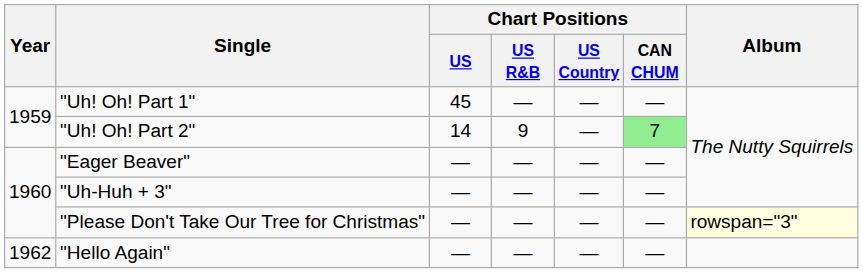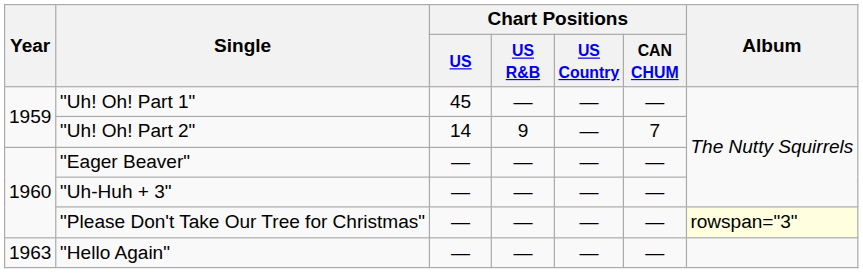 <table class="wikitable">
 <tr>
 <th rowspan="2">Year</th>
 <th rowspan="2">Single</th>
 <th colspan="4">Chart Positions</th>
 <th rowspan="2">Album</th>
 </tr>
 <tr>
 <th style="width:45px;"><small><a href='#'>US</a></small></th>
 <th style="width:45px;"><small><a href='#'>US R&B</a></small></th>
 <th style="width:45px;"><small><a href='#'>US Country</a></small></th>
 <th style="width:45px;"><small>CAN <a href='#'>CHUM</a></small></th>
 </tr>
 <tr>
 <td rowspan="2">1959</td>
 <td>"Uh! Oh! Part 1"</td>
 <td style="text-align:center;">45</td>
 <td style="text-align:center;">—</td>
 <td style="text-align:center;">—</td>
 <td style="text-align:center;">—</td>
 <td rowspan="4"><em>The Nutty Squirrels</em></td>
 </tr>
 <tr>
 <td>"Uh! Oh! Part 2"</td>
 <td style="text-align:center;">14</td>
 <td style="text-align:center;">9</td>
 <td style="text-align:center;">—</td>
-<td style="background: lightgreen; text-align:center;">7</td>
+<td style="text-align:center;">7</td>
 </tr>
 <tr>
 <td rowspan="3">1960</td>
 <td>"Eager Beaver"</td>
 <td style="text-align:center;">—</td>
 <td style="text-align:center;">—</td>
 <td style="text-align:center;">—</td>
 <td style="text-align:center;">—</td>
 </tr>
 <tr>
 <td>"Uh-Huh + 3"</td>
 <td style="text-align:center;">—</td>
 <td style="text-align:center;">—</td>
 <td style="text-align:center;">—</td>
 <td style="text-align:center;">—</td>
 </tr>
 <tr>
 <td>"Please Don't Take Our Tree for Christmas"</td>
 <td style="text-align:center;">—</td>
 <td style="text-align:center;">—</td>
 <td style="text-align:center;">—</td>
 <td style="text-align:center;">—</td>
 <td style="background: lightyellow;">rowspan="3" </td>
 </tr>
 <tr>
-<td>1962</td>
+<td>1963</td>
 <td>"Hello Again"</td>
 <td style="text-align:center;">—</td>
 <td style="text-align:center;">—</td>
 <td style="text-align:center;">—</td>
 <td style="text-align:center;">—</td>
 </tr>
 </table>
